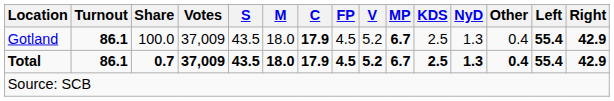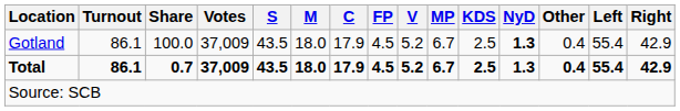 <table class="wikitable sortable" style=text-align:right>
 <tr>
 <th>Location</th>
 <th>Turnout</th>
 <th>Share</th>
 <th>Votes</th>
 <th><a href='#'>S</a></th>
 <th><a href='#'>M</a></th>
 <th><a href='#'>C</a></th>
 <th><a href='#'>FP</a></th>
 <th><a href='#'>V</a></th>
 <th><a href='#'>MP</a></th>
 <th><a href='#'>KDS</a></th>
 <th><a href='#'>NyD</a></th>
 <th>Other</th>
 <th>Left</th>
 <th>Right</th>
 </tr>
 <tr>
 <td align=left><a href='#'>Gotland</a></td>
-<td><strong>86.1</strong></td>
+<td>86.1</td>
 <td>100.0</td>
 <td>37,009</td>
 <td>43.5</td>
 <td>18.0</td>
-<td><strong>17.9</strong></td>
+<td>17.9</td>
 <td>4.5</td>
 <td>5.2</td>
-<td><strong>6.7</strong></td>
+<td>6.7</td>
 <td>2.5</td>
-<td>1.3</td>
+<td><strong>1.3</strong></td>
 <td>0.4</td>
-<td><strong>55.4</strong></td>
-<td><strong>42.9</strong></td>
+<td>55.4</td>
+<td>42.9</td>
 </tr>
 <tr>
 <td align=left><strong>Total</strong></td>
 <td><strong>86.1</strong></td>
 <td><strong>0.7</strong></td>
 <td><strong>37,009</strong></td>
 <td><strong>43.5</strong></td>
 <td><strong>18.0</strong></td>
 <td><strong>17.9</strong></td>
 <td><strong>4.5</strong></td>
 <td><strong>5.2</strong></td>
 <td><strong>6.7</strong></td>
 <td><strong>2.5</strong></td>
 <td><strong>1.3</strong></td>
 <td><strong>0.4</strong></td>
 <td><strong>55.4</strong></td>
 <td><strong>42.9</strong></td>
 </tr>
 <tr>
 <td align=left colspan=15>Source: SCB </td>
 </tr>
 </table>
